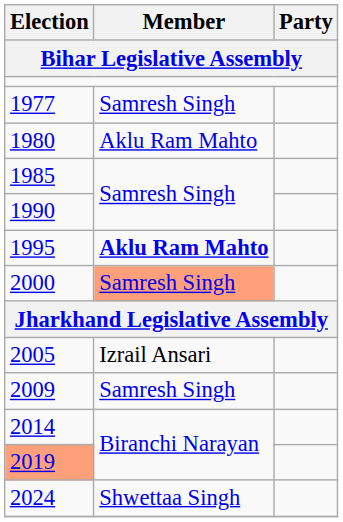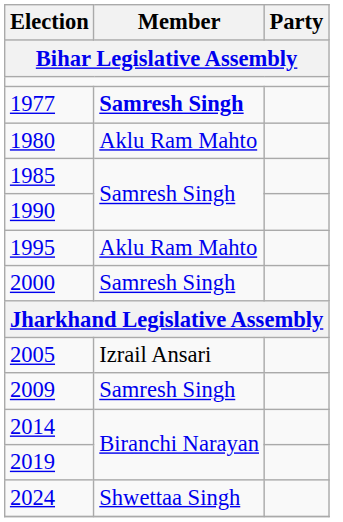 <table class="wikitable sortable">
 <tr>
 <th>Election</th>
 <th>Member</th>
 <th colspan=2>Party</th>
 </tr>
 <tr>
 <th colspan=4><a href='#'>Bihar Legislative Assembly</a></th>
 </tr>
 <tr>
 <td colspan="4"></td>
 </tr>
 <tr>
 <td><a href='#'>1977</a></td>
-<td><a href='#'>Samresh Singh</a></td>
+<td><strong><a href='#'>Samresh Singh</a></strong></td>
 <td></td>
 </tr>
 <tr>
 <td><a href='#'>1980</a></td>
 <td><a href='#'>Aklu Ram Mahto</a></td>
 <td></td>
 </tr>
 <tr>
 <td><a href='#'>1985</a></td>
 <td rowspan=2><a href='#'>Samresh Singh</a></td>
 <td></td>
 </tr>
 <tr>
 <td><a href='#'>1990</a></td>
 </tr>
 <tr>
 <td><a href='#'>1995</a></td>
-<td><strong><a href='#'>Aklu Ram Mahto</a></strong></td>
+<td><a href='#'>Aklu Ram Mahto</a></td>
 <td></td>
 </tr>
 <tr>
 <td><a href='#'>2000</a></td>
-<td style="background: lightsalmon;"><a href='#'>Samresh Singh</a></td>
+<td><a href='#'>Samresh Singh</a></td>
 <td></td>
 </tr>
 <tr>
 <th colspan=4><a href='#'>Jharkhand Legislative Assembly</a></th>
 </tr>
 <tr>
 <td><a href='#'>2005</a></td>
 <td>Izrail Ansari</td>
 <td></td>
 </tr>
 <tr>
 <td><a href='#'>2009</a></td>
 <td><a href='#'>Samresh Singh</a></td>
 <td></td>
 </tr>
 <tr>
 <td><a href='#'>2014</a></td>
 <td rowspan=2><a href='#'>Biranchi Narayan</a></td>
 <td></td>
 </tr>
 <tr>
-<td style="background: lightsalmon;"><a href='#'>2019</a></td>
+<td><a href='#'>2019</a></td>
 </tr>
 <tr>
 <td><a href='#'>2024</a></td>
 <td><a href='#'>Shwettaa Singh</a></td>
 <td></td>
 </tr>
 <tr>
 </tr>
 </table>
